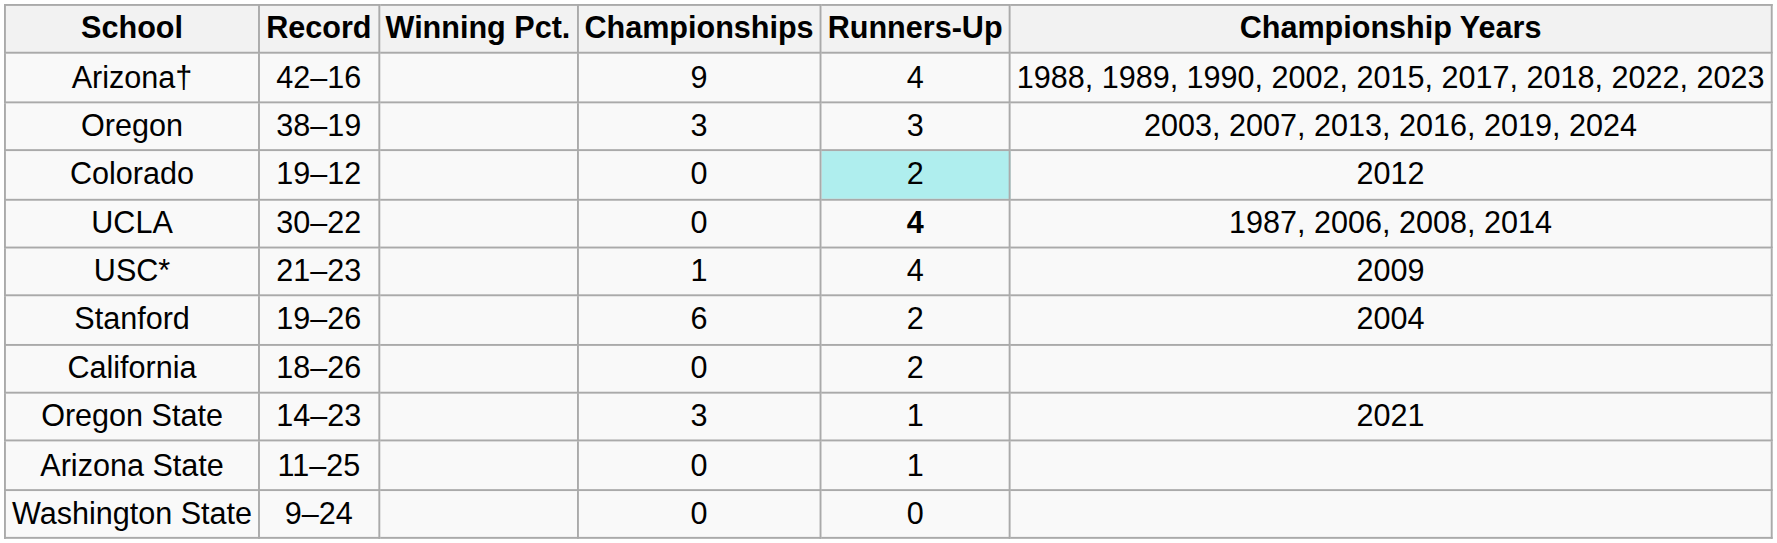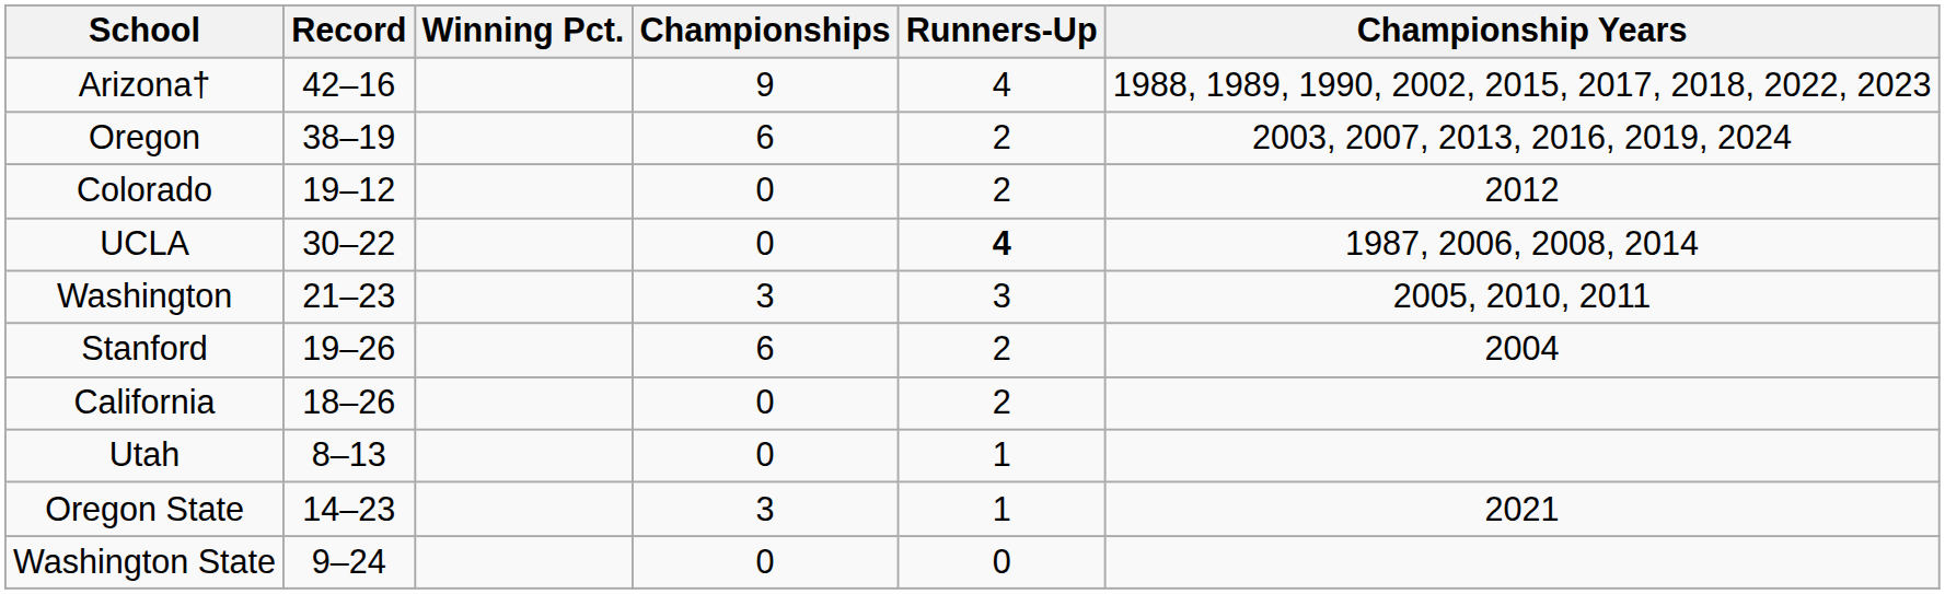 <table class="wikitable sortable" style="text-align:center">
 <tr>
 <th width=px>School</th>
 <th width=px>Record</th>
 <th width=px>Winning Pct.</th>
 <th width=px>Championships</th>
 <th width=px>Runners-Up</th>
 <th width=px>Championship Years</th>
 </tr>
 <tr>
 <td>Arizona†</td>
 <td align=center>42–16</td>
 <td align=center></td>
 <td align=center>9</td>
 <td align=center>4</td>
 <td>1988, 1989, 1990, 2002, 2015, 2017, 2018, 2022, 2023</td>
 </tr>
 <tr>
 <td>Oregon</td>
 <td align=center>38–19</td>
 <td align=center></td>
-<td align=center>3</td>
-<td align=center>3</td>
+<td align=center>6</td>
+<td align=center>2</td>
 <td>2003, 2007, 2013, 2016, 2019, 2024</td>
 </tr>
 <tr>
 <td>Colorado</td>
 <td align=center>19–12</td>
 <td align=center></td>
 <td align=center>0</td>
-<td align=center style="background: paleturquoise;">2</td>
+<td align=center>2</td>
 <td>2012</td>
 </tr>
 <tr>
 <td>UCLA</td>
 <td align=center>30–22</td>
 <td align=center></td>
 <td align=center>0</td>
 <td align=center><strong>4</strong></td>
 <td>1987, 2006, 2008, 2014</td>
 </tr>
 <tr>
-<td>USC*</td>
+<td>Washington</td>
 <td align=center>21–23</td>
 <td align=center></td>
-<td align=center>1</td>
-<td align=center>4</td>
-<td>2009</td>
+<td align=center>3</td>
+<td align=center>3</td>
+<td>2005, 2010, 2011</td>
 </tr>
 <tr>
 <td>Stanford</td>
 <td align=center>19–26</td>
 <td align=center></td>
 <td align=center>6</td>
 <td align=center>2</td>
 <td>2004</td>
 </tr>
 <tr>
 <td>California</td>
 <td align=center>18–26</td>
 <td align=center></td>
 <td align=center>0</td>
 <td align=center>2</td>
 <td></td>
 </tr>
 <tr>
+<td>Utah</td>
+<td align="center">8–13</td>
+<td align="center"></td>
+<td align="center">0</td>
+<td align="center">1</td>
+<td></td>
+</tr>
+<tr>
 <td>Oregon State</td>
 <td align=center>14–23</td>
 <td align=center></td>
 <td align=center>3</td>
 <td align=center>1</td>
 <td>2021</td>
-</tr>
-<tr>
-<td>Arizona State</td>
-<td align=center>11–25</td>
-<td align=center></td>
-<td align=center>0</td>
-<td align=center>1</td>
-<td></td>
 </tr>
 <tr>
 <td>Washington State</td>
 <td align=center>9–24</td>
 <td align=center></td>
 <td align=center>0</td>
 <td align=center>0</td>
 <td></td>
 </tr>
 </table>
